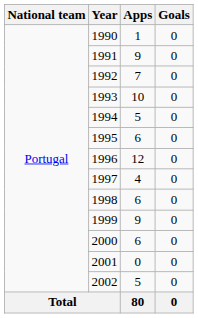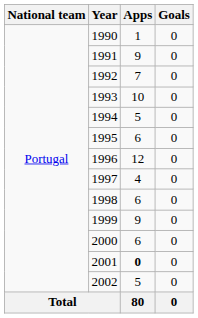 <table class="wikitable" style="text-align:center">
 <tr>
 <th>National team</th>
 <th>Year</th>
 <th>Apps</th>
 <th>Goals</th>
 </tr>
 <tr>
 <td rowspan="13"><a href='#'>Portugal</a></td>
 <td>1990</td>
 <td>1</td>
 <td>0</td>
 </tr>
 <tr>
 <td>1991</td>
 <td>9</td>
 <td>0</td>
 </tr>
 <tr>
 <td>1992</td>
 <td>7</td>
 <td>0</td>
 </tr>
 <tr>
 <td>1993</td>
 <td>10</td>
 <td>0</td>
 </tr>
 <tr>
 <td>1994</td>
 <td>5</td>
 <td>0</td>
 </tr>
 <tr>
 <td>1995</td>
 <td>6</td>
 <td>0</td>
 </tr>
 <tr>
 <td>1996</td>
 <td>12</td>
 <td>0</td>
 </tr>
 <tr>
 <td>1997</td>
 <td>4</td>
 <td>0</td>
 </tr>
 <tr>
 <td>1998</td>
 <td>6</td>
 <td>0</td>
 </tr>
 <tr>
 <td>1999</td>
 <td>9</td>
 <td>0</td>
 </tr>
 <tr>
 <td>2000</td>
 <td>6</td>
 <td>0</td>
 </tr>
 <tr>
 <td>2001</td>
-<td>0</td>
+<td><strong>0</strong></td>
 <td>0</td>
 </tr>
 <tr>
 <td>2002</td>
 <td>5</td>
 <td>0</td>
 </tr>
 <tr>
 <th colspan="2">Total</th>
 <th>80</th>
 <th>0</th>
 </tr>
 </table>
